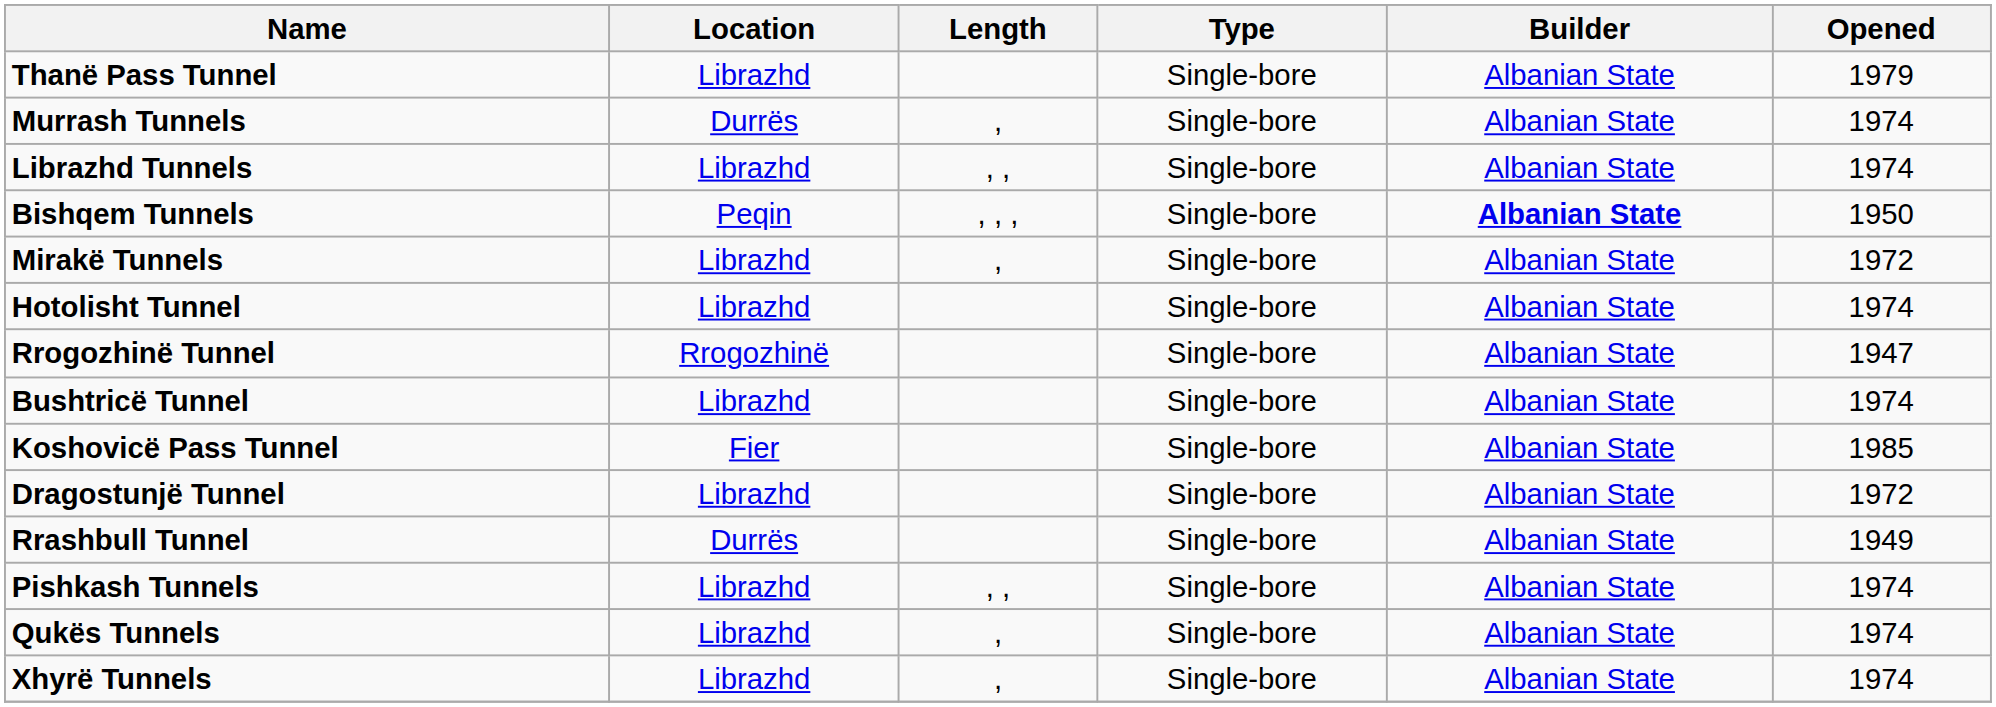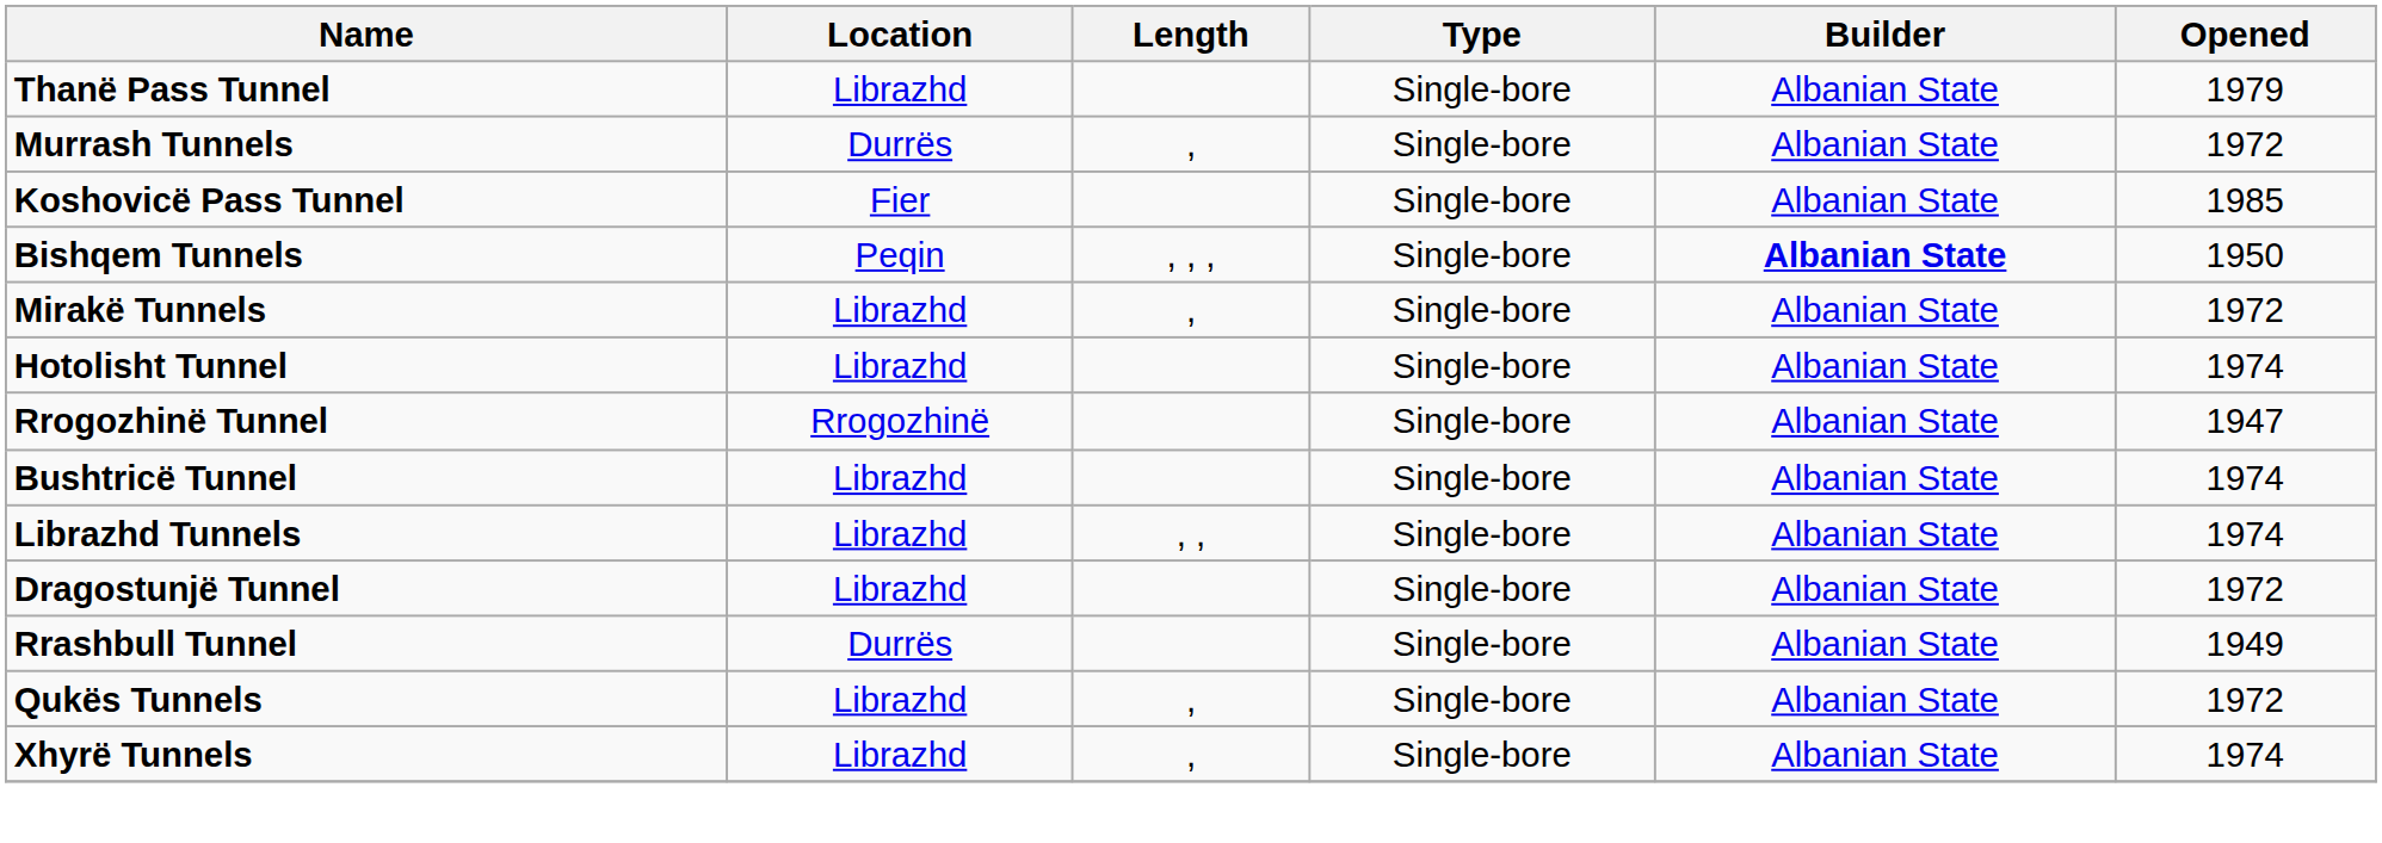 <table class="wikitable sortable" width="65%" style="font-size:95%;">
 <tr>
 <th>Name</th>
 <th>Location</th>
 <th>Length</th>
 <th>Type</th>
 <th>Builder</th>
 <th>Opened</th>
 </tr>
 <tr>
 <td><strong>Thanë Pass Tunnel</strong></td>
 <td align="center"><a href='#'>Librazhd</a></td>
 <td align="center"></td>
 <td align="center">Single-bore</td>
 <td align="center"><a href='#'>Albanian State</a></td>
 <td align="center">1979</td>
 </tr>
 <tr>
 <td><strong>Murrash Tunnels</strong></td>
 <td align="center"><a href='#'>Durrës</a></td>
 <td align="center">, </td>
 <td align="center">Single-bore</td>
 <td align="center"><a href='#'>Albanian State</a></td>
-<td align="center">1974</td>
+<td align="center">1972</td>
 </tr>
 <tr>
-<td><strong>Librazhd Tunnels</strong></td>
-<td align="center"><a href='#'>Librazhd</a></td>
-<td align="center">, , </td>
+<td><strong>Koshovicë Pass Tunnel</strong></td>
+<td align="center"><a href='#'>Fier</a></td>
+<td align="center"></td>
 <td align="center">Single-bore</td>
 <td align="center"><a href='#'>Albanian State</a></td>
-<td align="center">1974</td>
+<td align="center">1985</td>
 </tr>
 <tr>
 <td><strong>Bishqem Tunnels</strong></td>
 <td align="center"><a href='#'>Peqin</a></td>
 <td align="center">, , , </td>
 <td align="center">Single-bore</td>
 <td align="center"><strong><a href='#'>Albanian State</a></strong></td>
 <td align="center">1950</td>
 </tr>
 <tr>
 <td><strong>Mirakë Tunnels</strong></td>
 <td align="center"><a href='#'>Librazhd</a></td>
 <td align="center">, </td>
 <td align="center">Single-bore</td>
 <td align="center"><a href='#'>Albanian State</a></td>
 <td align="center">1972</td>
 </tr>
 <tr>
 <td><strong>Hotolisht Tunnel</strong></td>
 <td align="center"><a href='#'>Librazhd</a></td>
 <td align="center"></td>
 <td align="center">Single-bore</td>
 <td align="center"><a href='#'>Albanian State</a></td>
 <td align="center">1974</td>
 </tr>
 <tr>
 <td><strong>Rrogozhinë Tunnel</strong></td>
 <td align="center"><a href='#'>Rrogozhinë</a></td>
 <td align="center"></td>
 <td align="center">Single-bore</td>
 <td align="center"><a href='#'>Albanian State</a></td>
 <td align="center">1947</td>
 </tr>
 <tr>
 <td><strong>Bushtricë Tunnel</strong></td>
 <td align="center"><a href='#'>Librazhd</a></td>
 <td align="center"></td>
 <td align="center">Single-bore</td>
 <td align="center"><a href='#'>Albanian State</a></td>
 <td align="center">1974</td>
 </tr>
 <tr>
-<td><strong>Koshovicë Pass Tunnel</strong></td>
-<td align="center"><a href='#'>Fier</a></td>
-<td align="center"></td>
+<td><strong>Librazhd Tunnels</strong></td>
+<td align="center"><a href='#'>Librazhd</a></td>
+<td align="center">, , </td>
 <td align="center">Single-bore</td>
 <td align="center"><a href='#'>Albanian State</a></td>
-<td align="center">1985</td>
+<td align="center">1974</td>
 </tr>
 <tr>
 <td><strong>Dragostunjë Tunnel</strong></td>
 <td align="center"><a href='#'>Librazhd</a></td>
 <td align="center"></td>
 <td align="center">Single-bore</td>
 <td align="center"><a href='#'>Albanian State</a></td>
 <td align="center">1972</td>
 </tr>
 <tr>
 <td><strong>Rrashbull Tunnel</strong></td>
 <td align="center"><a href='#'>Durrës</a></td>
 <td align="center"></td>
 <td align="center">Single-bore</td>
 <td align="center"><a href='#'>Albanian State</a></td>
 <td align="center">1949</td>
 </tr>
 <tr>
-<td><strong>Pishkash Tunnels</strong></td>
-<td align="center"><a href='#'>Librazhd</a></td>
-<td align="center">, , </td>
-<td align="center">Single-bore</td>
-<td align="center"><a href='#'>Albanian State</a></td>
-<td align="center">1974</td>
-</tr>
-<tr>
 <td><strong>Qukës Tunnels</strong></td>
 <td align="center"><a href='#'>Librazhd</a></td>
 <td align="center">, </td>
 <td align="center">Single-bore</td>
 <td align="center"><a href='#'>Albanian State</a></td>
-<td align="center">1974</td>
+<td align="center">1972</td>
 </tr>
 <tr>
 <td><strong>Xhyrë Tunnels</strong></td>
 <td align="center"><a href='#'>Librazhd</a></td>
 <td align="center">, </td>
 <td align="center">Single-bore</td>
 <td align="center"><a href='#'>Albanian State</a></td>
 <td align="center">1974</td>
 </tr>
 <tr>
 </tr>
 </table>
